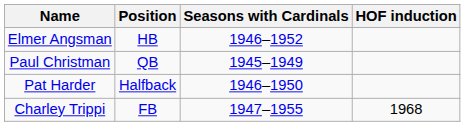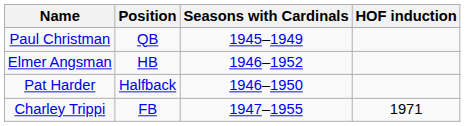 <table class="wikitable" style="text-align:center">
 <tr>
 <th>Name</th>
 <th>Position</th>
 <th>Seasons with Cardinals</th>
 <th>HOF induction</th>
 </tr>
 <tr>
+<td><a href='#'>Paul Christman</a></td>
+<td><a href='#'>QB</a></td>
+<td><a href='#'>1945</a>–<a href='#'>1949</a></td>
+<td></td>
+</tr>
+<tr>
 <td><a href='#'>Elmer Angsman</a></td>
 <td><a href='#'>HB</a></td>
 <td><a href='#'>1946</a>–<a href='#'>1952</a></td>
-<td></td>
-</tr>
-<tr>
-<td><a href='#'>Paul Christman</a></td>
-<td><a href='#'>QB</a></td>
-<td><a href='#'>1945</a>–<a href='#'>1949</a></td>
 <td></td>
 </tr>
 <tr>
 <td><a href='#'>Pat Harder</a></td>
 <td><a href='#'>Halfback</a></td>
 <td><a href='#'>1946</a>–<a href='#'>1950</a></td>
 <td></td>
 </tr>
 <tr>
 <td><a href='#'>Charley Trippi</a></td>
 <td><a href='#'>FB</a></td>
 <td><a href='#'>1947</a>–<a href='#'>1955</a></td>
-<td>1968</td>
+<td>1971</td>
 </tr>
 </table>
